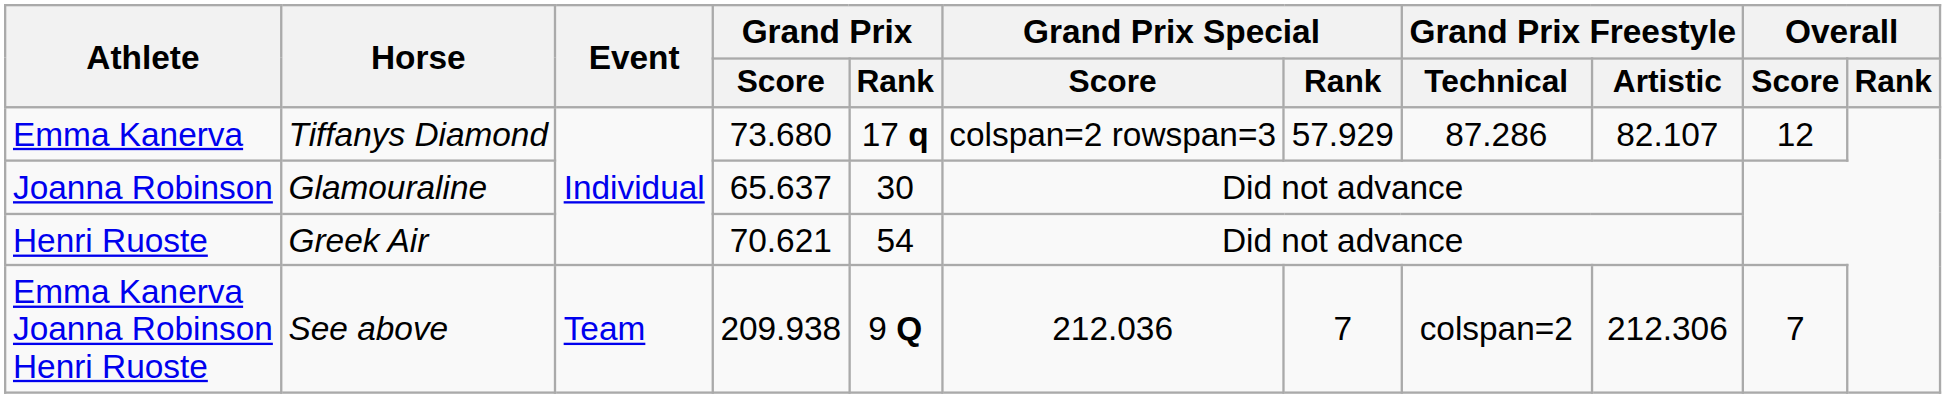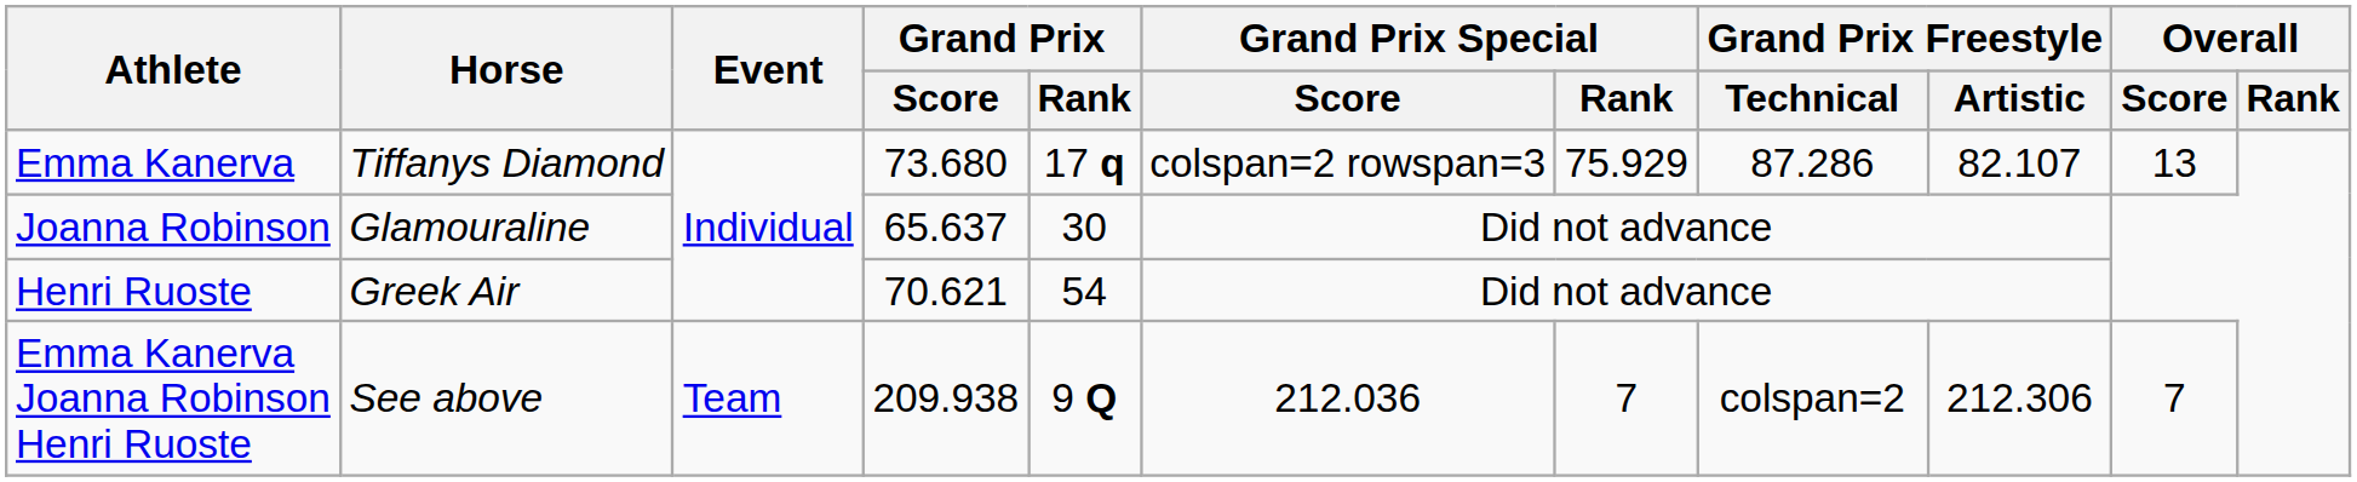 <table class=wikitable style="font-size:90%; text-align:center;">
 <tr>
 <th rowspan=2>Athlete</th>
 <th rowspan=2>Horse</th>
 <th rowspan=2>Event</th>
 <th colspan=2>Grand Prix</th>
 <th colspan=2>Grand Prix Special</th>
 <th colspan=2>Grand Prix Freestyle</th>
 <th colspan=2>Overall</th>
 </tr>
 <tr style=font-size:95%>
 <th>Score</th>
 <th>Rank</th>
 <th>Score</th>
 <th>Rank</th>
 <th>Technical</th>
 <th>Artistic</th>
 <th>Score</th>
 <th>Rank</th>
 </tr>
 <tr>
 <td align=left><a href='#'>Emma Kanerva</a></td>
 <td align=left><em>Tiffanys Diamond</em></td>
 <td rowspan=3 align=left><a href='#'>Individual</a></td>
 <td>73.680</td>
 <td>17 <strong>q</strong></td>
 <td>colspan=2 rowspan=3 </td>
-<td>57.929</td>
+<td>75.929</td>
 <td>87.286</td>
 <td>82.107</td>
-<td>12</td>
+<td>13</td>
 </tr>
 <tr>
 <td align=left><a href='#'>Joanna Robinson</a></td>
 <td align=left><em>Glamouraline</em></td>
 <td>65.637</td>
 <td>30</td>
 <td colspan=4>Did not advance</td>
 </tr>
 <tr>
 <td align=left><a href='#'>Henri Ruoste</a></td>
 <td align=left><em>Greek Air</em></td>
 <td>70.621</td>
 <td>54</td>
 <td colspan=4>Did not advance</td>
 </tr>
 <tr>
 <td align=left><a href='#'>Emma Kanerva</a><br><a href='#'>Joanna Robinson</a><br><a href='#'>Henri Ruoste</a></td>
 <td align=left><em>See above</em></td>
 <td align=left><a href='#'>Team</a></td>
 <td>209.938</td>
 <td>9 <strong>Q</strong></td>
 <td>212.036</td>
 <td>7</td>
 <td>colspan=2 </td>
 <td>212.306</td>
 <td>7</td>
 </tr>
 </table>
